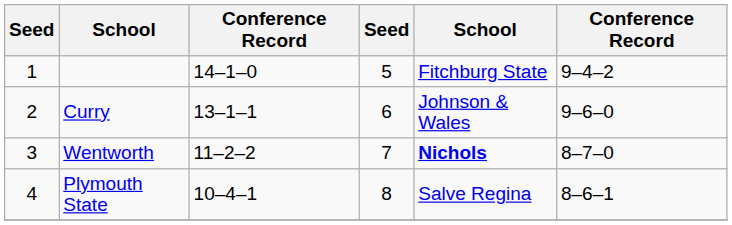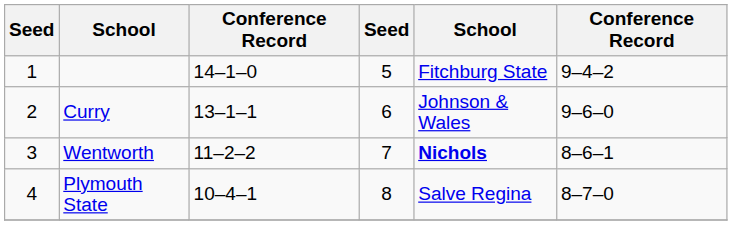 <table class="wikitable">
 <tr>
 <th>Seed</th>
 <th>School</th>
 <th>Conference Record</th>
 <th>Seed</th>
 <th>School</th>
 <th>Conference Record</th>
 </tr>
 <tr>
 <td align=center>1</td>
 <td><a href='#'></a></td>
 <td>14–1–0</td>
 <td align=center>5</td>
 <td><a href='#'>Fitchburg State</a></td>
 <td>9–4–2</td>
 </tr>
 <tr>
 <td align=center>2</td>
 <td><a href='#'>Curry</a></td>
 <td>13–1–1</td>
 <td align=center>6</td>
 <td><a href='#'>Johnson & Wales</a></td>
 <td>9–6–0</td>
 </tr>
 <tr>
 <td align=center>3</td>
 <td><a href='#'>Wentworth</a></td>
 <td>11–2–2</td>
 <td align=center>7</td>
 <td><strong><a href='#'>Nichols</a></strong></td>
-<td>8–7–0</td>
+<td>8–6–1</td>
 </tr>
 <tr>
 <td align=center>4</td>
 <td><a href='#'>Plymouth State</a></td>
 <td>10–4–1</td>
 <td align=center>8</td>
 <td><a href='#'>Salve Regina</a></td>
-<td>8–6–1</td>
+<td>8–7–0</td>
 </tr>
 <tr>
 </tr>
 </table>
